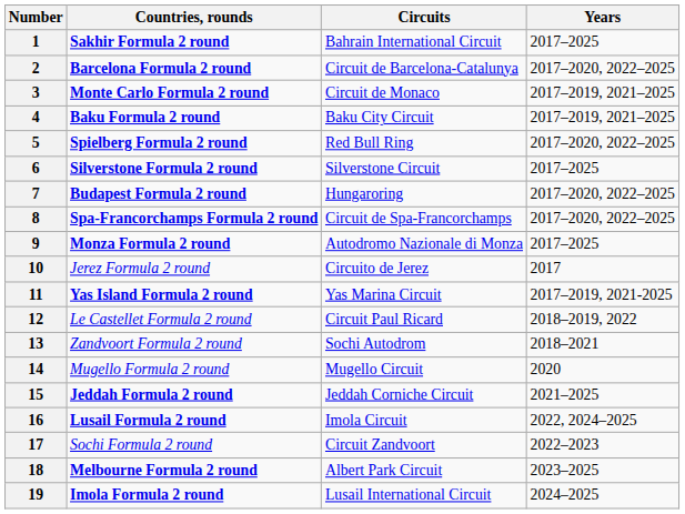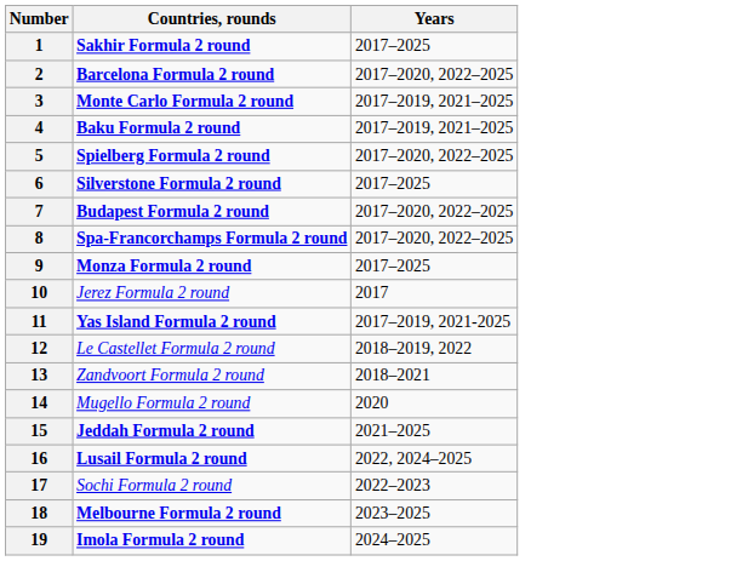 <table class="wikitable sortable" style="font-size:85%; "text-align:center">
 <tr>
 <th>Number</th>
 <th>Countries, rounds</th>
-<th>Circuits</th>
 <th>Years</th>
 </tr>
 <tr>
 <th>1</th>
 <td><strong> <a href='#'>Sakhir Formula 2 round</a></strong></td>
-<td><a href='#'>Bahrain International Circuit</a></td>
 <td>2017–⁠2025</td>
 </tr>
 <tr>
 <th>2</th>
 <td><strong> <a href='#'>Barcelona Formula 2 round</a></strong></td>
-<td><a href='#'>Circuit de Barcelona-Catalunya</a></td>
 <td>2017–⁠2020, 2022–2025</td>
 </tr>
 <tr>
 <th>3</th>
 <td><strong> <a href='#'>Monte Carlo Formula 2 round</a></strong></td>
-<td><a href='#'>Circuit de Monaco</a></td>
 <td>2017–2019, 2021⁠–2025</td>
 </tr>
 <tr>
 <th>4</th>
 <td><strong> <a href='#'>Baku Formula 2 round</a></strong></td>
-<td><a href='#'>Baku City Circuit</a></td>
 <td>2017–⁠2019, 2021–2025</td>
 </tr>
 <tr>
 <th>5</th>
 <td><strong> <a href='#'>Spielberg Formula 2 round</a></strong></td>
-<td><a href='#'>Red Bull Ring</a></td>
 <td>2017–⁠2020, 2022–2025</td>
 </tr>
 <tr>
 <th>6</th>
 <td><strong> <a href='#'>Silverstone Formula 2 round</a></strong></td>
-<td><a href='#'>Silverstone Circuit</a></td>
 <td>2017–2025</td>
 </tr>
 <tr>
 <th>7</th>
 <td><strong> <a href='#'>Budapest Formula 2 round</a></strong></td>
-<td><a href='#'>Hungaroring</a></td>
 <td>2017–2020, 2022–2025</td>
 </tr>
 <tr>
 <th>8</th>
 <td><strong> <a href='#'>Spa-Francorchamps Formula 2 round</a></strong></td>
-<td><a href='#'>Circuit de Spa-Francorchamps</a></td>
 <td>2017–2020, 2022–2025</td>
 </tr>
 <tr>
 <th>9</th>
 <td><strong> <a href='#'>Monza Formula 2 round</a></strong></td>
-<td><a href='#'>Autodromo Nazionale di Monza</a></td>
 <td>2017–2025</td>
 </tr>
 <tr>
 <th>10</th>
 <td><em> <a href='#'>Jerez Formula 2 round</a></em></td>
-<td><a href='#'>Circuito de Jerez</a></td>
 <td>2017</td>
 </tr>
 <tr>
 <th>11</th>
 <td><strong> <a href='#'>Yas Island Formula 2 round</a></strong></td>
-<td><a href='#'>Yas Marina Circuit</a></td>
 <td>2017–2019, 2021⁠-2025</td>
 </tr>
 <tr>
 <th>12</th>
 <td><em> <a href='#'>Le Castellet Formula 2 round</a></em></td>
-<td><a href='#'>Circuit Paul Ricard</a></td>
 <td>2018–2019⁠, 2022</td>
 </tr>
 <tr>
 <th>13</th>
 <td><em> <a href='#'>Zandvoort Formula 2 round</a></em></td>
-<td><a href='#'>Sochi Autodrom</a></td>
 <td>2018–2021⁠</td>
 </tr>
 <tr>
 <th>14</th>
 <td><em> <a href='#'>Mugello Formula 2 round</a></em></td>
-<td><a href='#'>Mugello Circuit</a></td>
 <td>2020</td>
 </tr>
 <tr>
 <th>15</th>
 <td><strong> <a href='#'>Jeddah Formula 2 round</a></strong></td>
-<td><a href='#'>Jeddah Corniche Circuit</a></td>
 <td>2021–2025</td>
 </tr>
 <tr>
 <th>16</th>
 <td><strong> <a href='#'>Lusail Formula 2 round</a></strong></td>
-<td><a href='#'>Imola Circuit</a></td>
 <td>2022, 2024–2025</td>
 </tr>
 <tr>
 <th>17</th>
 <td><em> <a href='#'>Sochi Formula 2 round</a></em></td>
-<td><a href='#'>Circuit Zandvoort</a></td>
 <td>2022–2023</td>
 </tr>
 <tr>
 <th>18</th>
 <td><strong> <a href='#'>Melbourne Formula 2 round</a></strong></td>
-<td><a href='#'>Albert Park Circuit</a></td>
 <td>2023–2025</td>
 </tr>
 <tr>
 <th>19</th>
 <td><strong> <a href='#'>Imola Formula 2 round</a></strong></td>
-<td><a href='#'>Lusail International Circuit</a></td>
 <td>2024–2025</td>
 </tr>
 </table>
